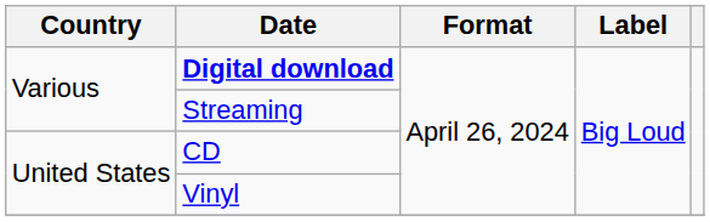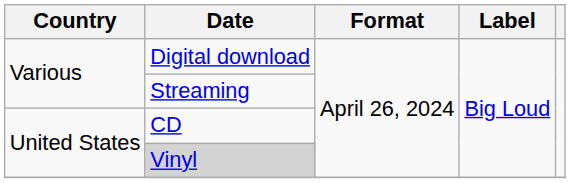 <table class="wikitable">
 <tr>
 <th>Country</th>
 <th>Date</th>
 <th>Format</th>
 <th>Label</th>
 <th></th>
 </tr>
 <tr>
 <td rowspan="2">Various</td>
-<td><strong><a href='#'>Digital download</a></strong></td>
+<td><a href='#'>Digital download</a></td>
 <td rowspan="4">April 26, 2024</td>
 <td rowspan="4"><a href='#'>Big Loud</a></td>
 <td rowspan="4"></td>
 </tr>
 <tr>
 <td><a href='#'>Streaming</a></td>
 </tr>
 <tr>
 <td rowspan="2">United States</td>
 <td><a href='#'>CD</a></td>
 </tr>
 <tr>
-<td><a href='#'>Vinyl</a></td>
+<td style="background: lightgrey;"><a href='#'>Vinyl</a></td>
 </tr>
 <tr>
 </tr>
 </table>
